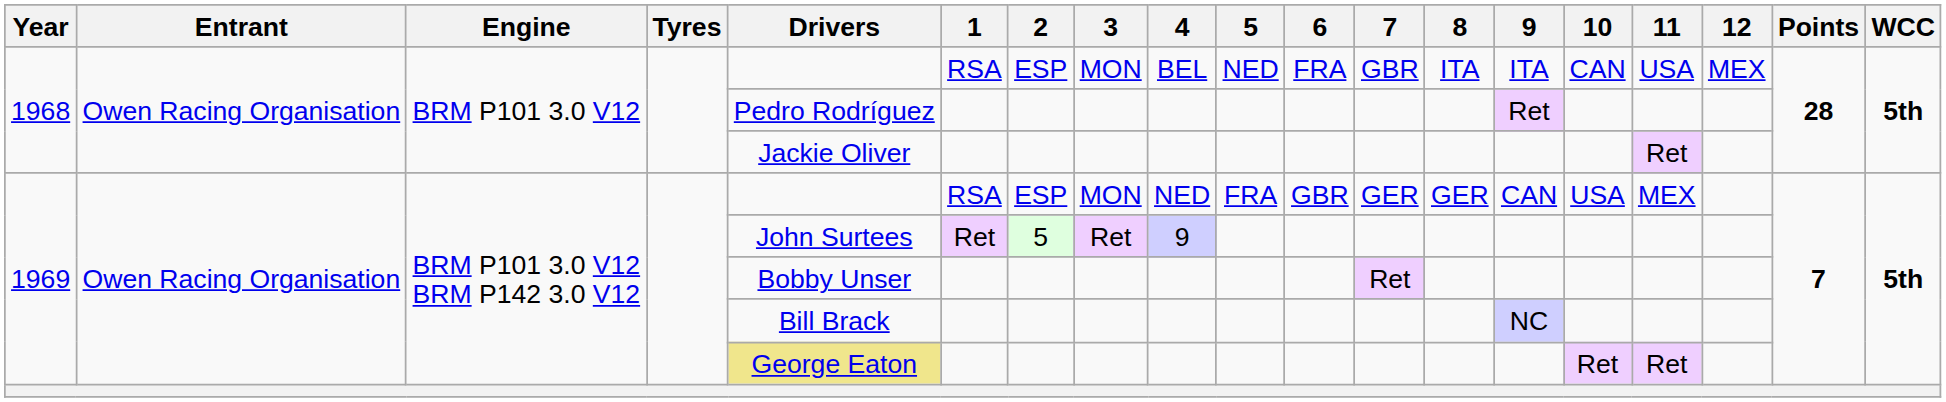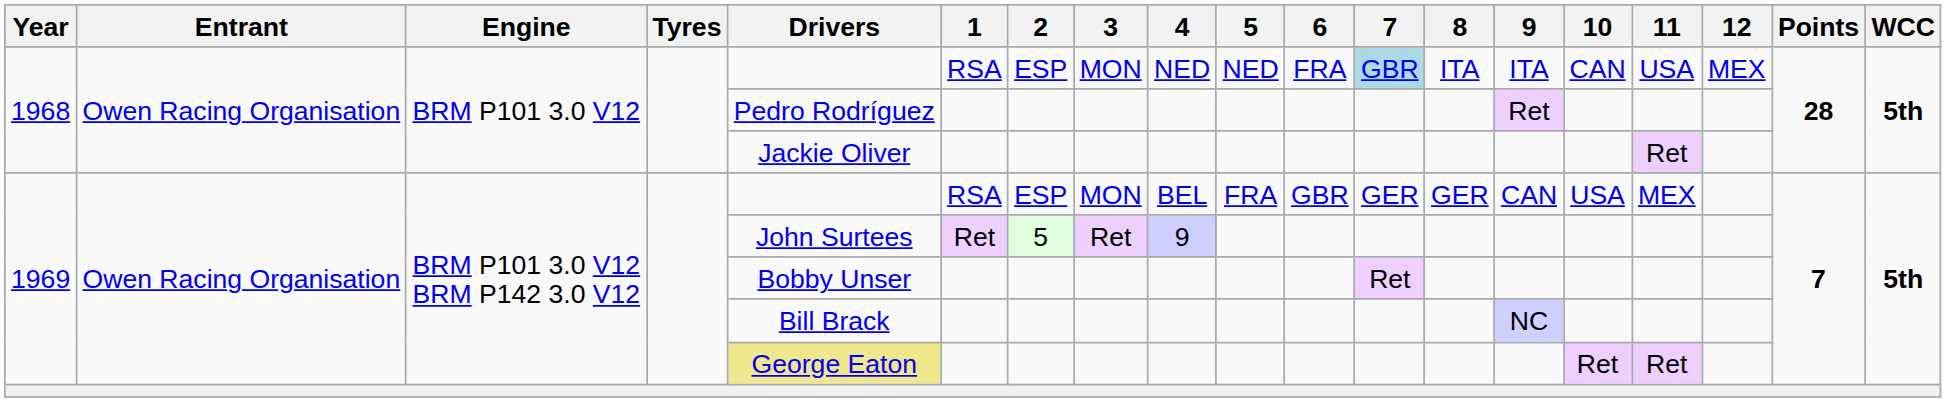 <table class="wikitable" style="text-align:center; font-size:95%">
 <tr>
 <th>Year</th>
 <th>Entrant</th>
 <th>Engine</th>
 <th>Tyres</th>
 <th>Drivers</th>
 <th>1</th>
 <th>2</th>
 <th>3</th>
 <th>4</th>
 <th>5</th>
 <th>6</th>
 <th>7</th>
 <th>8</th>
 <th>9</th>
 <th>10</th>
 <th>11</th>
 <th>12</th>
 <th>Points</th>
 <th>WCC</th>
 </tr>
 <tr>
 <td rowspan="3"><a href='#'>1968</a></td>
 <td rowspan="3"><a href='#'>Owen Racing Organisation</a></td>
 <td rowspan="3"><a href='#'>BRM</a> P101 3.0 <a href='#'>V12</a></td>
 <td rowspan="3"></td>
 <td></td>
 <td><a href='#'>RSA</a></td>
 <td><a href='#'>ESP</a></td>
 <td><a href='#'>MON</a></td>
-<td><a href='#'>BEL</a></td>
+<td><a href='#'>NED</a></td>
 <td><a href='#'>NED</a></td>
 <td><a href='#'>FRA</a></td>
-<td><a href='#'>GBR</a></td>
+<td style="background: lightblue;"><a href='#'>GBR</a></td>
 <td><a href='#'>ITA</a></td>
 <td><a href='#'>ITA</a></td>
 <td><a href='#'>CAN</a></td>
 <td><a href='#'>USA</a></td>
 <td><a href='#'>MEX</a></td>
 <td rowspan="3"><strong>28</strong> </td>
 <td rowspan="3"><strong>5th</strong> </td>
 </tr>
 <tr>
 <td><a href='#'>Pedro Rodríguez</a></td>
 <td></td>
 <td></td>
 <td></td>
 <td></td>
 <td></td>
 <td></td>
 <td></td>
 <td></td>
 <td style="background:#EFCFFF;">Ret</td>
 <td></td>
 <td></td>
 <td></td>
 </tr>
 <tr>
 <td><a href='#'>Jackie Oliver</a></td>
 <td></td>
 <td></td>
 <td></td>
 <td></td>
 <td></td>
 <td></td>
 <td></td>
 <td></td>
 <td></td>
 <td></td>
 <td style="background:#EFCFFF;">Ret</td>
 <td></td>
 </tr>
 <tr>
 <td rowspan="5"><a href='#'>1969</a></td>
 <td rowspan="5"><a href='#'>Owen Racing Organisation</a></td>
 <td rowspan="5"><a href='#'>BRM</a> P101 3.0 <a href='#'>V12</a><br><a href='#'>BRM</a> P142 3.0 <a href='#'>V12</a></td>
 <td rowspan="5"></td>
 <td></td>
 <td><a href='#'>RSA</a></td>
 <td><a href='#'>ESP</a></td>
 <td><a href='#'>MON</a></td>
-<td><a href='#'>NED</a></td>
+<td><a href='#'>BEL</a></td>
 <td><a href='#'>FRA</a></td>
 <td><a href='#'>GBR</a></td>
 <td><a href='#'>GER</a></td>
 <td><a href='#'>GER</a></td>
 <td><a href='#'>CAN</a></td>
 <td><a href='#'>USA</a></td>
 <td><a href='#'>MEX</a></td>
 <td></td>
 <td rowspan="5"><strong>7</strong> </td>
 <td rowspan="5"><strong>5th</strong> </td>
 </tr>
 <tr>
 <td><a href='#'>John Surtees</a></td>
 <td style="background:#EFCFFF;">Ret</td>
 <td style="background:#DFFFDF;">5</td>
 <td style="background:#EFCFFF;">Ret</td>
 <td style="background:#CFCFFF;">9</td>
 <td></td>
 <td></td>
 <td></td>
 <td></td>
 <td></td>
 <td></td>
 <td></td>
 <td></td>
 </tr>
 <tr>
 <td><a href='#'>Bobby Unser</a></td>
 <td></td>
 <td></td>
 <td></td>
 <td></td>
 <td></td>
 <td></td>
 <td style="background:#EFCFFF;">Ret</td>
 <td></td>
 <td></td>
 <td></td>
 <td></td>
 <td></td>
 </tr>
 <tr>
 <td><a href='#'>Bill Brack</a></td>
 <td></td>
 <td></td>
 <td></td>
 <td></td>
 <td></td>
 <td></td>
 <td></td>
 <td></td>
 <td style="background-color:#CFCFFF">NC</td>
 <td></td>
 <td></td>
 <td></td>
 </tr>
 <tr>
 <td style="background: khaki;"><a href='#'>George Eaton</a></td>
 <td></td>
 <td></td>
 <td></td>
 <td></td>
 <td></td>
 <td></td>
 <td></td>
 <td></td>
 <td></td>
 <td style="background-color:#EFCFFF">Ret</td>
 <td style="background-color:#EFCFFF">Ret</td>
 <td></td>
 </tr>
 <tr>
 <th colspan="19"></th>
 </tr>
 </table>
